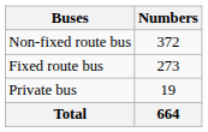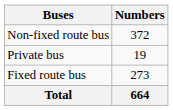 <table class="wikitable" style="display:inline-table;">
 <tr>
 <th>Buses</th>
 <th>Numbers</th>
 </tr>
 <tr>
 <td>Non-fixed route bus</td>
 <td style="text-align:center;">372</td>
 </tr>
 <tr>
+<td>Private bus</td>
+<td style="text-align:center;">19</td>
+</tr>
+<tr>
 <td>Fixed route bus</td>
 <td style="text-align:center;">273</td>
-</tr>
-<tr>
-<td>Private bus</td>
-<td style="text-align:center;">19</td>
 </tr>
 <tr>
 <th>Total</th>
 <th>664</th>
 </tr>
 </table>
